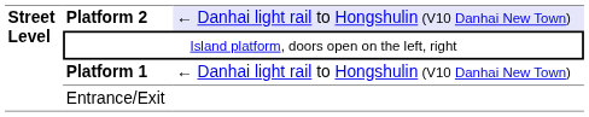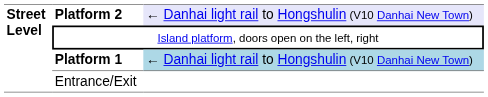 <table table border=0 cellspacing=0 cellpadding=3>
 <tr>
 <td style="border-top:solid 1px gray;border-bottom:solid 1px gray;" width=50 rowspan=10 valign=top><strong>Street Level</strong></td>
 </tr>
 <tr>
 <td style="border-bottom:solid 0px gray;border-top:solid 1px gray;" width=100><strong>Platform 2</strong></td>
 <td style="background: lavender; border-bottom:solid 0px gray;border-top:solid 1px gray;" width=390>←  <a href='#'>Danhai light rail</a> to <a href='#'>Hongshulin</a><small> (V10 <a href='#'>Danhai New Town</a>)</small></td>
 </tr>
 <tr>
 <td style="border-top:solid 2px black;border-right:solid 2px black;border-left:solid 2px black;border-bottom:solid 2px black;text-align:center;" colspan=2><small><a href='#'>Island platform</a>, doors open on the left, right</small></td>
 </tr>
 <tr>
 <td style="border-bottom:solid 1px gray;"><strong>Platform 1</strong></td>
-<td style="border-bottom:solid 1px gray;">←  <a href='#'>Danhai light rail</a> to <a href='#'>Hongshulin</a><small> (V10 <a href='#'>Danhai New Town</a>)</small></td>
+<td style="background: lightblue; border-bottom:solid 1px gray;">←  <a href='#'>Danhai light rail</a> to <a href='#'>Hongshulin</a><small> (V10 <a href='#'>Danhai New Town</a>)</small></td>
 </tr>
 <tr>
 <td style="border-bottom:solid 1px gray;" width=100 rowspan=2 valign=top>Entrance/Exit</td>
 <td style="border-bottom:solid 1px gray;" width=390 rowspan=2 valign=top></td>
 </tr>
 </table>
